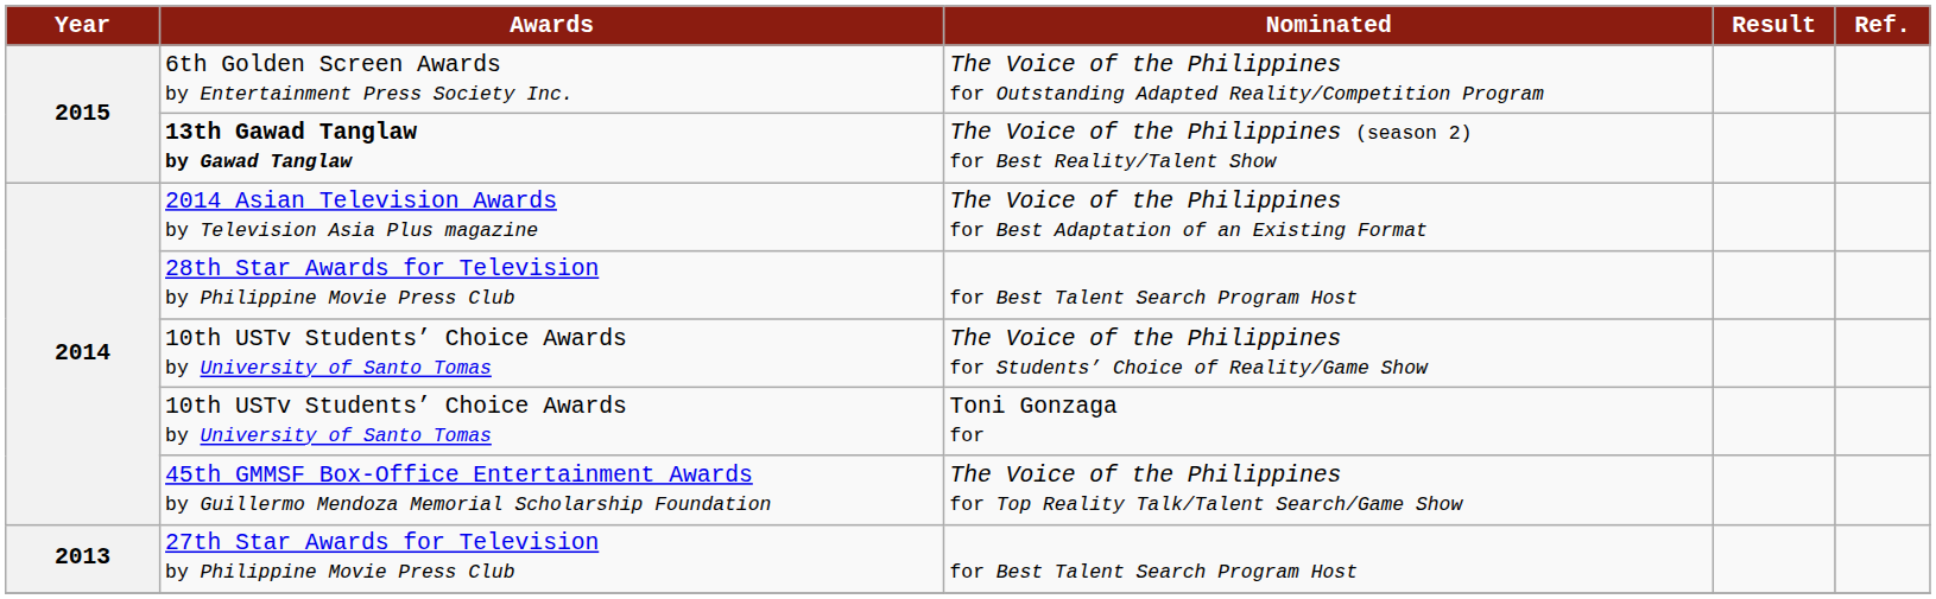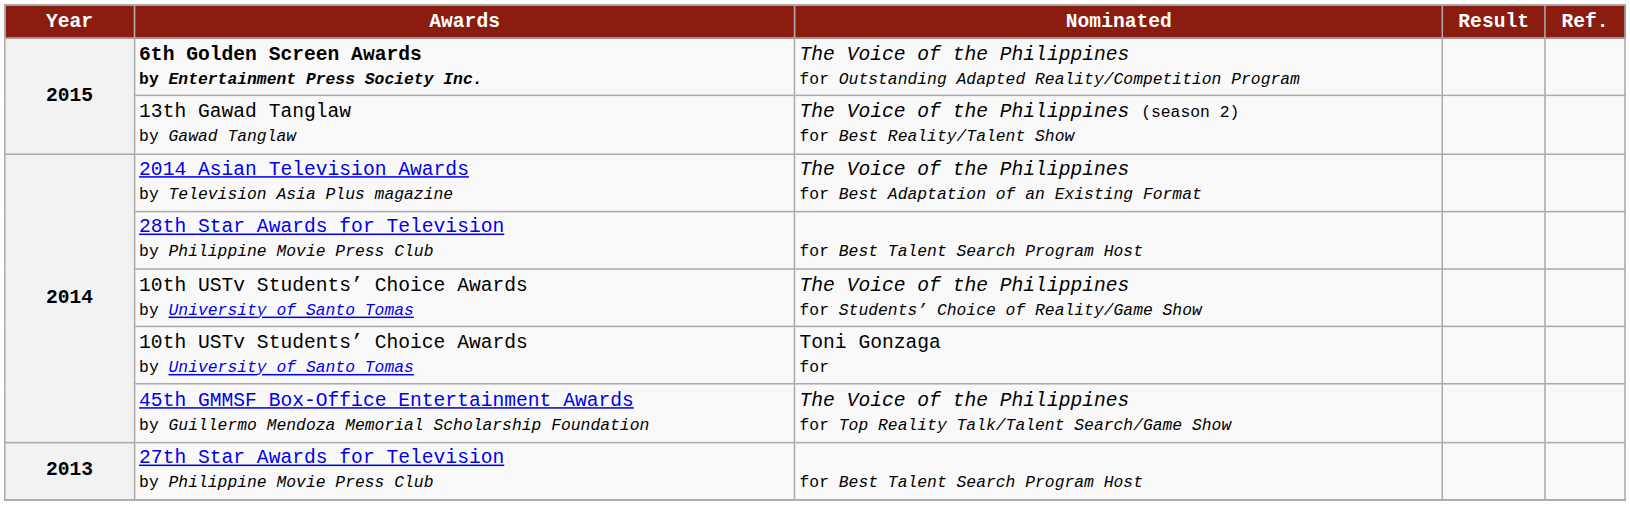 <table class="wikitable" style="text-align:left; background:#f9f9f9; font-size:100%; line-height:16px;" width="85%">
 <tr>
 <th style="background:#8b1c10; color:white;" width="08%">Year</th>
 <th style="background:#8b1c10; color:white;">Awards</th>
 <th style="background:#8b1c10; color:white;">Nominated</th>
 <th style="background:#8b1c10; color:white;">Result</th>
 <th style="background:#8b1c10; color:white;" width="05%">Ref.</th>
 </tr>
 <tr>
 <th rowspan="2">2015</th>
-<td>6th Golden Screen Awards<br><small>by <em>Entertainment Press Society Inc.</em></small></td>
+<td><strong>6th Golden Screen Awards<br><small>by <em>Entertainment Press Society Inc.</em></small></strong></td>
 <td><em>The Voice of the Philippines</em><br><small>for <em>Outstanding Adapted Reality/Competition Program</em></small></td>
 <td></td>
 <td style="text-align:center;"></td>
 </tr>
 <tr>
-<td><strong>13th Gawad Tanglaw<br><small>by <em>Gawad Tanglaw</em></small></strong></td>
+<td>13th Gawad Tanglaw<br><small>by <em>Gawad Tanglaw</em></small></td>
 <td><em>The Voice of the Philippines</em> <small>(season 2)</small><br><small>for <em>Best Reality/Talent Show</em></small></td>
 <td></td>
 <td style="text-align:center;"></td>
 </tr>
 <tr>
 <th rowspan="5">2014</th>
 <td><a href='#'>2014 Asian Television Awards</a><br><small>by <em>Television Asia Plus magazine</em></small></td>
 <td><em>The Voice of the Philippines</em><br><small>for <em>Best Adaptation of an Existing Format</em></small></td>
 <td></td>
 <td style="text-align:center;"></td>
 </tr>
 <tr>
 <td><a href='#'>28th Star Awards for Television</a><br><small>by <em>Philippine Movie Press Club</em></small></td>
 <td><br><small>for <em>Best Talent Search Program Host</em></small></td>
 <td></td>
 <td style="text-align:center;"></td>
 </tr>
 <tr>
 <td>10th USTv Students’ Choice Awards<br><small>by <em><a href='#'>University of Santo Tomas</a></em></small></td>
 <td><em>The Voice of the Philippines</em><br><small>for <em>Students’ Choice of Reality/Game Show</em></small></td>
 <td></td>
 <td style="text-align:center;"></td>
 </tr>
 <tr>
 <td>10th USTv Students’ Choice Awards<br><small>by <em><a href='#'>University of Santo Tomas</a></em></small></td>
 <td>Toni Gonzaga<br><small>for <em></em></small></td>
 <td></td>
 <td style="text-align:center;"></td>
 </tr>
 <tr>
 <td><a href='#'>45th GMMSF Box-Office Entertainment Awards</a><br><small>by <em>Guillermo Mendoza Memorial Scholarship Foundation</em></small></td>
 <td><em>The Voice of the Philippines</em><br><small>for <em>Top Reality Talk/Talent Search/Game Show</em></small></td>
 <td></td>
 <td style="text-align:center;"></td>
 </tr>
 <tr>
 <th>2013</th>
 <td><a href='#'>27th Star Awards for Television</a><br><small>by <em>Philippine Movie Press Club</em></small></td>
 <td><br><small>for <em>Best Talent Search Program Host</em></small></td>
 <td></td>
 <td style="text-align:center;"></td>
 </tr>
 <tr>
 </tr>
 </table>
